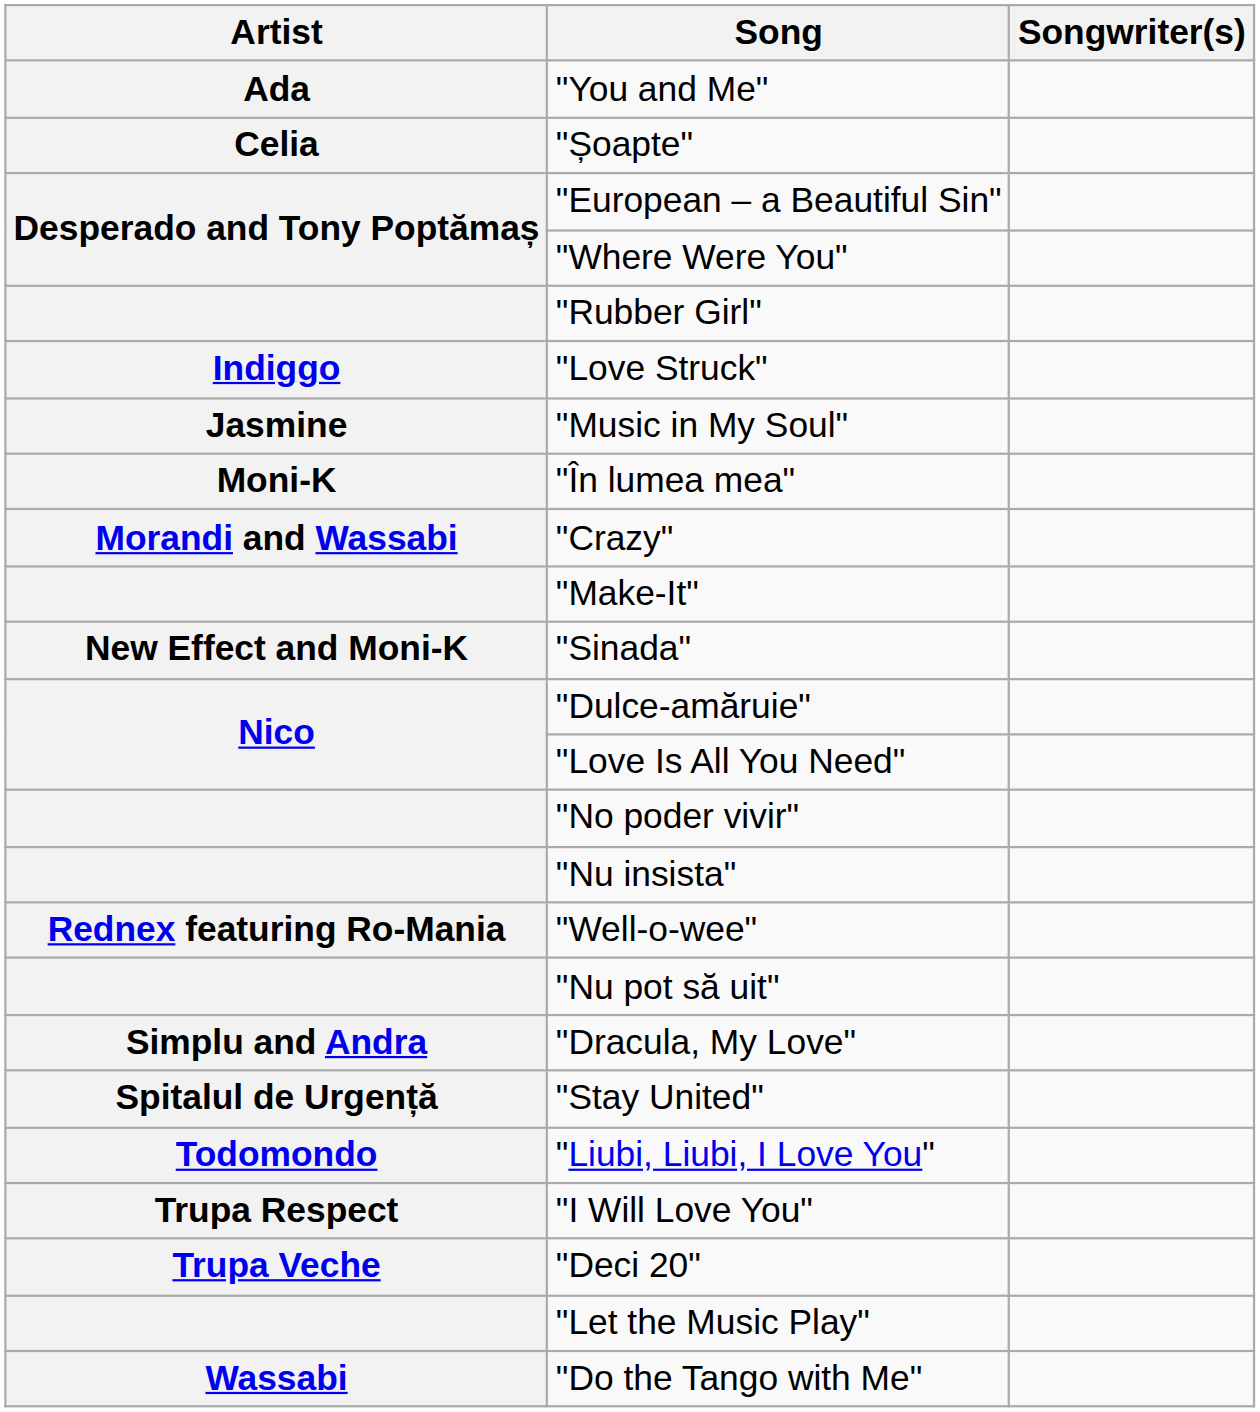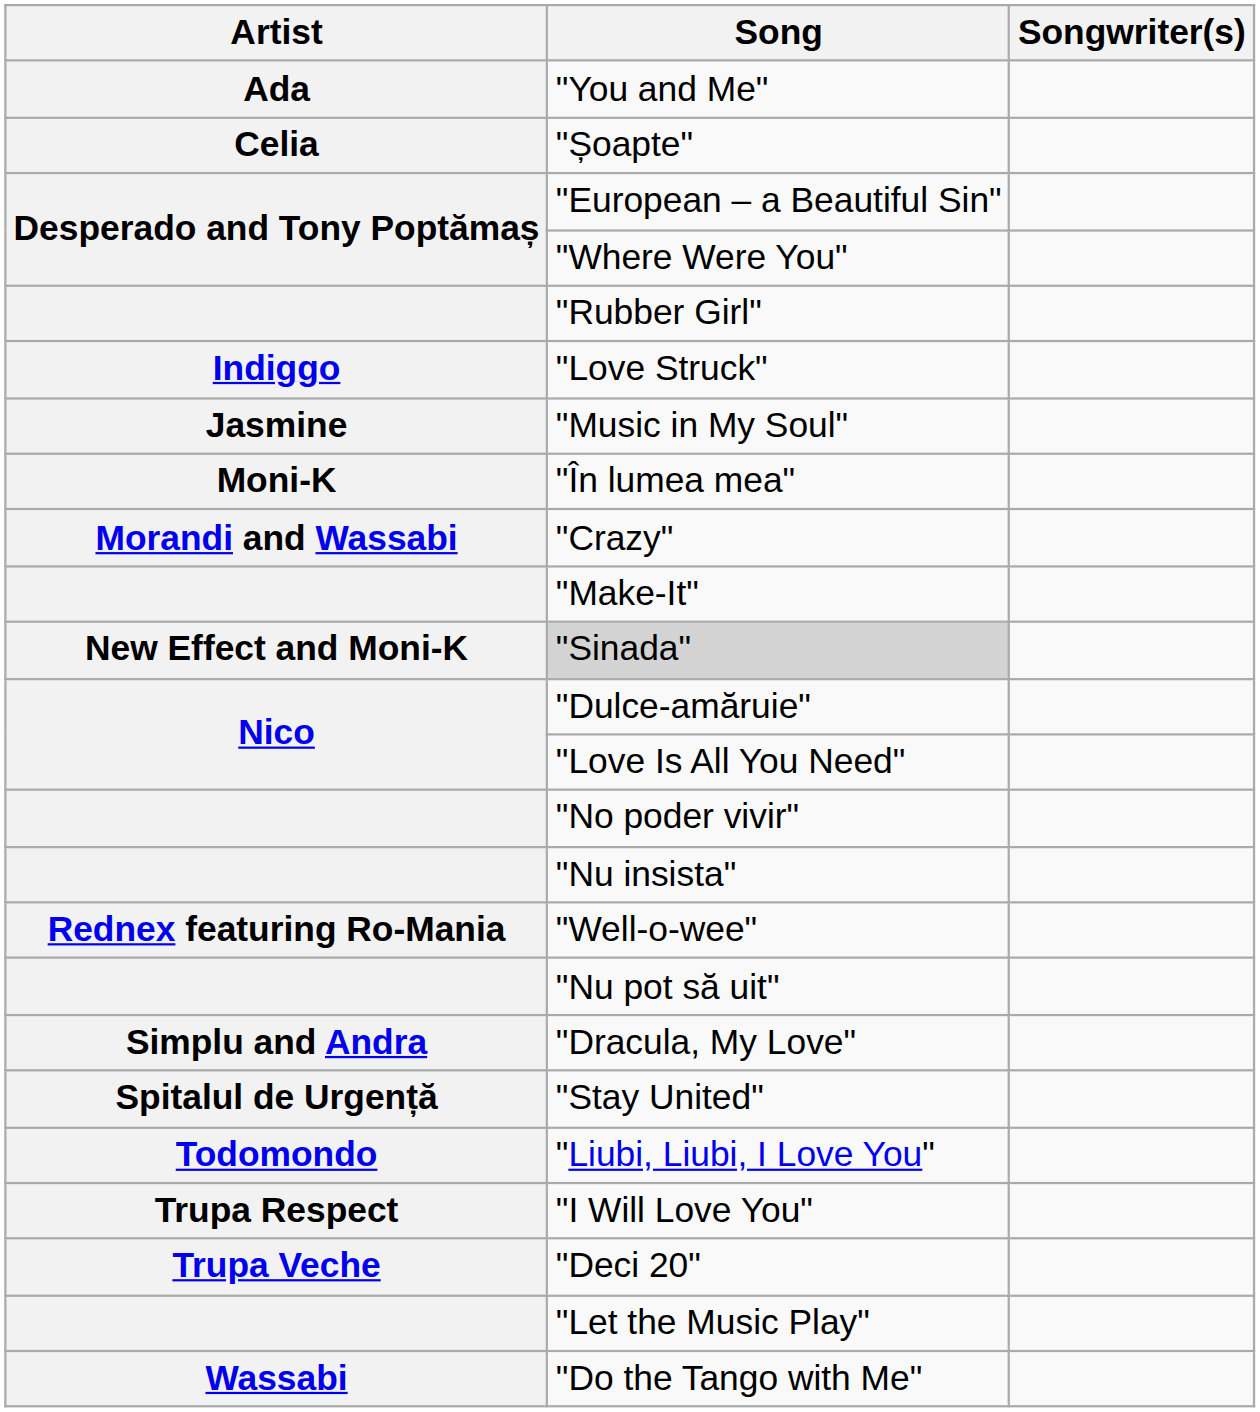 <table class="wikitable sortable plainrowheaders" style="margin: 1em auto 1em auto">
 <tr>
 <th scope="col">Artist</th>
 <th scope="col">Song</th>
 <th scope=col class="unsortable">Songwriter(s)</th>
 </tr>
 <tr>
 <th scope="row">Ada</th>
 <td>"You and Me"</td>
 <td></td>
 </tr>
 <tr>
 <th scope="row">Celia</th>
 <td>"Șoapte"</td>
 <td></td>
 </tr>
 <tr>
 <th scope="row" rowspan="2">Desperado and Tony Poptămaș</th>
 <td>"European – a Beautiful Sin"</td>
 <td></td>
 </tr>
 <tr>
 <td>"Where Were You"</td>
 <td></td>
 </tr>
 <tr>
 <th scope="row"></th>
 <td>"Rubber Girl"</td>
 <td></td>
 </tr>
 <tr>
 <th scope="row"><a href='#'>Indiggo</a></th>
 <td>"Love Struck"</td>
 <td></td>
 </tr>
 <tr>
 <th scope="row">Jasmine</th>
 <td>"Music in My Soul"</td>
 <td></td>
 </tr>
 <tr>
 <th scope="row">Moni-K</th>
 <td>"În lumea mea"</td>
 <td></td>
 </tr>
 <tr>
 <th scope="row"><a href='#'>Morandi</a> and <a href='#'>Wassabi</a></th>
 <td>"Crazy"</td>
 <td></td>
 </tr>
 <tr>
 <th scope="row"></th>
 <td>"Make-It"</td>
 <td></td>
 </tr>
 <tr>
 <th scope="row">New Effect and Moni-K</th>
-<td>"Sinada"</td>
+<td style="background: lightgrey;">"Sinada"</td>
 <td></td>
 </tr>
 <tr>
 <th scope="row" rowspan="2"><a href='#'>Nico</a></th>
 <td>"Dulce-amăruie"</td>
 <td></td>
 </tr>
 <tr>
 <td>"Love Is All You Need"</td>
 <td></td>
 </tr>
 <tr>
 <th scope="row"></th>
 <td>"No poder vivir"</td>
 <td></td>
 </tr>
 <tr>
 <th scope="row"></th>
 <td>"Nu insista"</td>
 <td></td>
 </tr>
 <tr>
 <th scope="row"><a href='#'>Rednex</a> featuring Ro-Mania</th>
 <td>"Well-o-wee"</td>
 <td></td>
 </tr>
 <tr>
 <th scope="row"></th>
 <td>"Nu pot să uit"</td>
 <td></td>
 </tr>
 <tr>
 <th scope="row">Simplu and <a href='#'>Andra</a></th>
 <td>"Dracula, My Love"</td>
 <td></td>
 </tr>
 <tr>
 <th scope="row">Spitalul de Urgență</th>
 <td>"Stay United"</td>
 <td></td>
 </tr>
 <tr>
 <th scope="row"><a href='#'>Todomondo</a></th>
 <td>"<a href='#'>Liubi, Liubi, I Love You</a>"</td>
 <td></td>
 </tr>
 <tr>
 <th scope="row">Trupa Respect</th>
 <td>"I Will Love You"</td>
 <td></td>
 </tr>
 <tr>
 <th scope="row"><a href='#'>Trupa Veche</a></th>
 <td>"Deci 20"</td>
 <td></td>
 </tr>
 <tr>
 <th scope="row"></th>
 <td>"Let the Music Play"</td>
 <td></td>
 </tr>
 <tr>
 <th scope="row"><a href='#'>Wassabi</a></th>
 <td>"Do the Tango with Me"</td>
 <td></td>
 </tr>
 </table>
